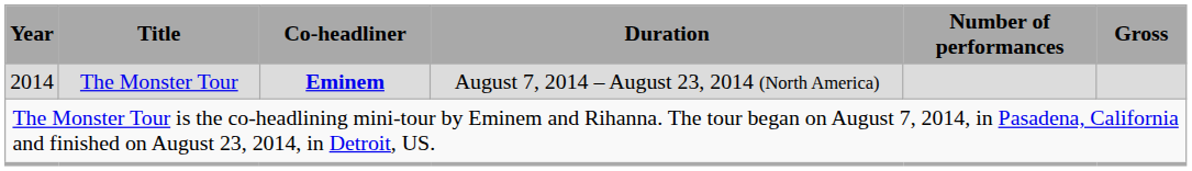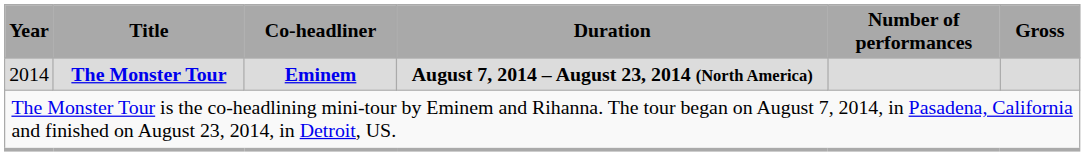 <table class="wikitable">
 <tr>
 <th style="background-color: #A9A9A9;">Year</th>
 <th style="background-color: #A9A9A9;">Title</th>
 <th style="background-color: #A9A9A9;">Co-headliner</th>
 <th style="background-color: #A9A9A9;">Duration</th>
 <th style="background-color: #A9A9A9;">Number of<br>performances</th>
 <th style="background-color: #A9A9A9;">Gross</th>
 </tr>
 <tr>
 <td style="background-color: #DCDCDC;" align="center" width=6>2014</td>
-<td style="background-color: #DCDCDC;" align="center"><a href='#'>The Monster Tour</a></td>
+<td style="background-color: #DCDCDC;" align="center"><strong><a href='#'>The Monster Tour</a></strong></td>
 <td style="background-color: #DCDCDC;" align="center"><strong><a href='#'>Eminem</a></strong></td>
-<td style="background-color: #DCDCDC;" align="center">August 7, 2014 – August 23, 2014 <small>(North America)</small></td>
+<td style="background-color: #DCDCDC;" align="center"><strong>August 7, 2014 – August 23, 2014 <small>(North America)</small></strong></td>
 <td style="background-color: #DCDCDC;"></td>
 <td style="background:#dcdcdc;"></td>
 </tr>
 <tr>
 <td colspan="6" style="border-bottom-width:3px; padding:5px;"><a href='#'>The Monster Tour</a> is the co-headlining mini-tour by Eminem and Rihanna. The tour began on August 7, 2014, in <a href='#'>Pasadena, California</a> and  finished on August 23, 2014, in <a href='#'>Detroit</a>, US.</td>
 </tr>
 </table>
